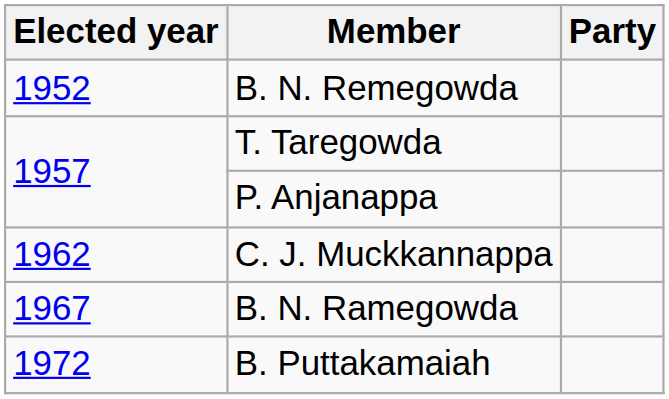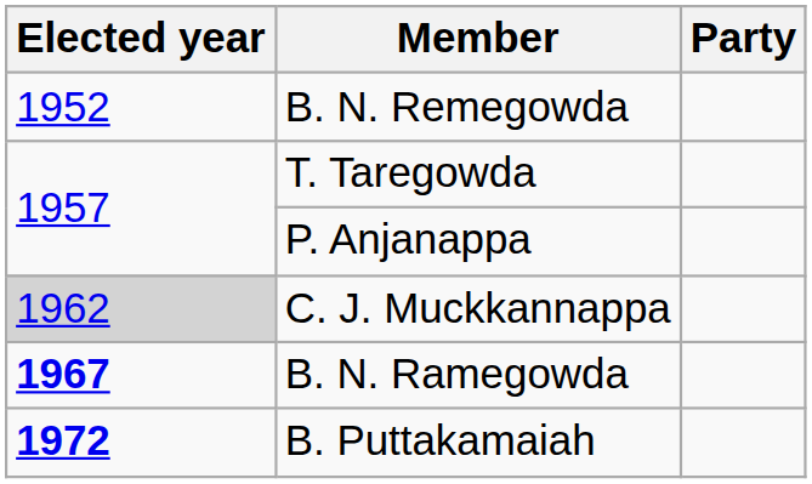 <table class="wikitable sortable">
 <tr>
 <th>Elected year</th>
 <th>Member</th>
 <th colspan=2>Party</th>
 </tr>
 <tr>
 <td><a href='#'>1952</a></td>
 <td>B. N. Remegowda</td>
 <td></td>
 </tr>
 <tr>
 <td rowspan="2"><a href='#'>1957</a></td>
 <td>T. Taregowda</td>
 <td></td>
 </tr>
 <tr>
 <td>P. Anjanappa</td>
 </tr>
 <tr>
-<td><a href='#'>1962</a></td>
+<td style="background: lightgrey;"><a href='#'>1962</a></td>
 <td>C. J. Muckkannappa</td>
 <td></td>
 </tr>
 <tr>
-<td><a href='#'>1967</a></td>
+<td><strong><a href='#'>1967</a></strong></td>
 <td>B. N. Ramegowda</td>
 <td></td>
 </tr>
 <tr>
-<td><a href='#'>1972</a></td>
+<td><strong><a href='#'>1972</a></strong></td>
 <td>B. Puttakamaiah</td>
 </tr>
 </table>
